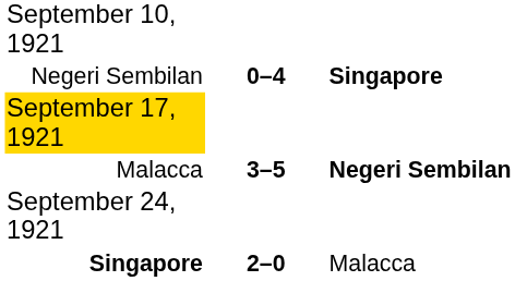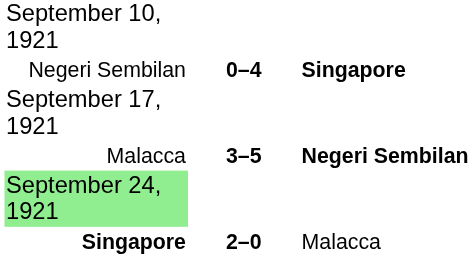 <table width=100% cellspacing=1>
 <tr>
 <th width=20%></th>
 <th width=12%></th>
 <th width=20%></th>
 <th></th>
 </tr>
 <tr>
 <td>September 10, 1921</td>
 </tr>
 <tr style=font-size:90%>
 <td align=right>Negeri Sembilan</td>
 <td align=center><strong>0–4</strong></td>
 <td><strong>Singapore</strong></td>
 <td></td>
 <td></td>
 </tr>
 <tr>
-<td style="background: gold;">September 17, 1921</td>
+<td>September 17, 1921</td>
 </tr>
 <tr style=font-size:90%>
 <td align=right>Malacca</td>
 <td align=center><strong>3–5</strong></td>
 <td><strong>Negeri Sembilan</strong></td>
 <td></td>
 <td></td>
 </tr>
 <tr>
-<td>September 24, 1921</td>
+<td style="background: lightgreen;">September 24, 1921</td>
 </tr>
 <tr style=font-size:90%>
 <td align=right><strong>Singapore</strong></td>
 <td align=center><strong>2–0</strong></td>
 <td>Malacca</td>
 <td></td>
 <td></td>
 </tr>
 <tr>
 </tr>
 </table>
